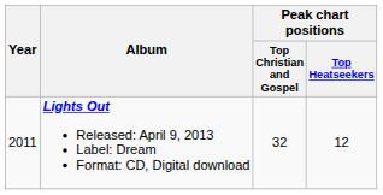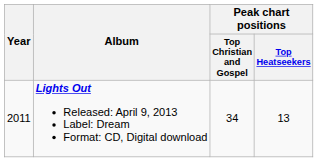 <table class="wikitable" style="text-align:center;">
 <tr>
 <th rowspan="2">Year</th>
 <th rowspan="2">Album</th>
 <th colspan="3">Peak chart positions</th>
 </tr>
 <tr style="font-size:smaller;">
 <th width="40">Top Christian and Gospel</th>
 <th width="40"><a href='#'>Top<br>Heatseekers</a></th>
 </tr>
 <tr>
 <td>2011</td>
 <td align="left"><strong><em><a href='#'>Lights Out</a></em></strong><br><ul><li>Released: April 9, 2013</li><li>Label: Dream</li><li>Format: CD, Digital download</li></ul></td>
-<td>32</td>
-<td>12</td>
+<td>34</td>
+<td>13</td>
 </tr>
 </table>
